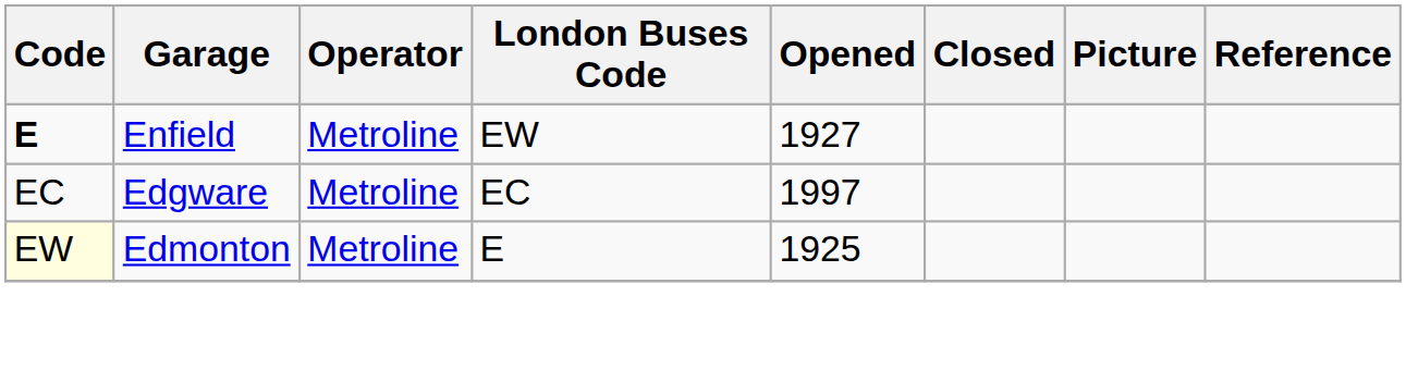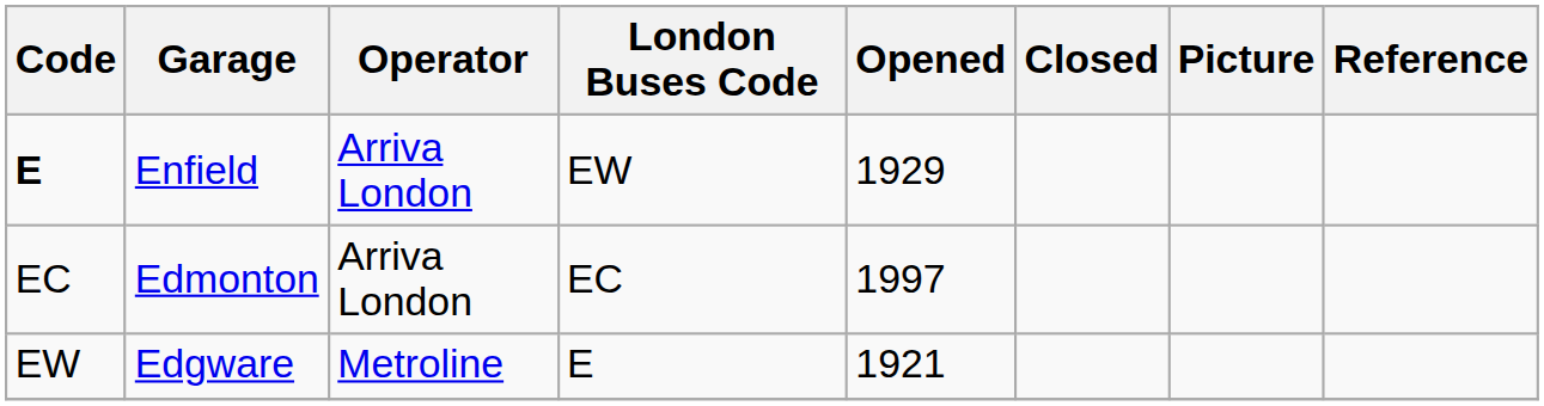 <table class="wikitable">
 <tr>
 <th>Code</th>
 <th>Garage</th>
 <th>Operator</th>
 <th>London Buses Code</th>
 <th>Opened</th>
 <th>Closed</th>
 <th>Picture</th>
 <th>Reference</th>
 </tr>
 <tr>
 <td><strong>E</strong></td>
 <td><a href='#'>Enfield</a></td>
-<td><a href='#'>Metroline</a></td>
+<td><a href='#'>Arriva London</a></td>
 <td>EW</td>
-<td>1927</td>
+<td>1929</td>
 <td></td>
 <td></td>
 </tr>
 <tr>
 <td>EC</td>
-<td><a href='#'>Edgware</a></td>
-<td><a href='#'>Metroline</a></td>
+<td><a href='#'>Edmonton</a></td>
+<td>Arriva London</td>
 <td>EC</td>
 <td>1997</td>
 <td></td>
 <td></td>
 <td></td>
 </tr>
 <tr>
-<td style="background: lightyellow;">EW</td>
-<td><a href='#'>Edmonton</a></td>
+<td>EW</td>
+<td><a href='#'>Edgware</a></td>
 <td><a href='#'>Metroline</a></td>
 <td>E</td>
-<td>1925</td>
+<td>1921</td>
 <td></td>
 <td></td>
 <td></td>
 </tr>
 <tr>
 </tr>
 </table>
